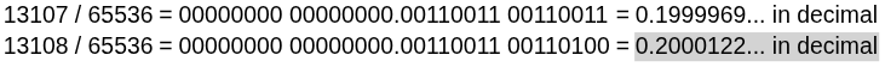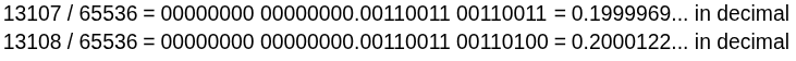 <table class="toccolours">
 <tr>
 <td>13107 / 65536</td>
 <td>=</td>
 <td>00000000 00000000.00110011 00110011</td>
 <td>=</td>
 <td>0.1999969... in decimal</td>
 </tr>
 <tr>
 <td>13108 / 65536</td>
 <td>=</td>
 <td>00000000 00000000.00110011 00110100</td>
 <td>=</td>
-<td style="background: lightgrey;">0.2000122... in decimal</td>
+<td>0.2000122... in decimal</td>
 </tr>
 </table>
